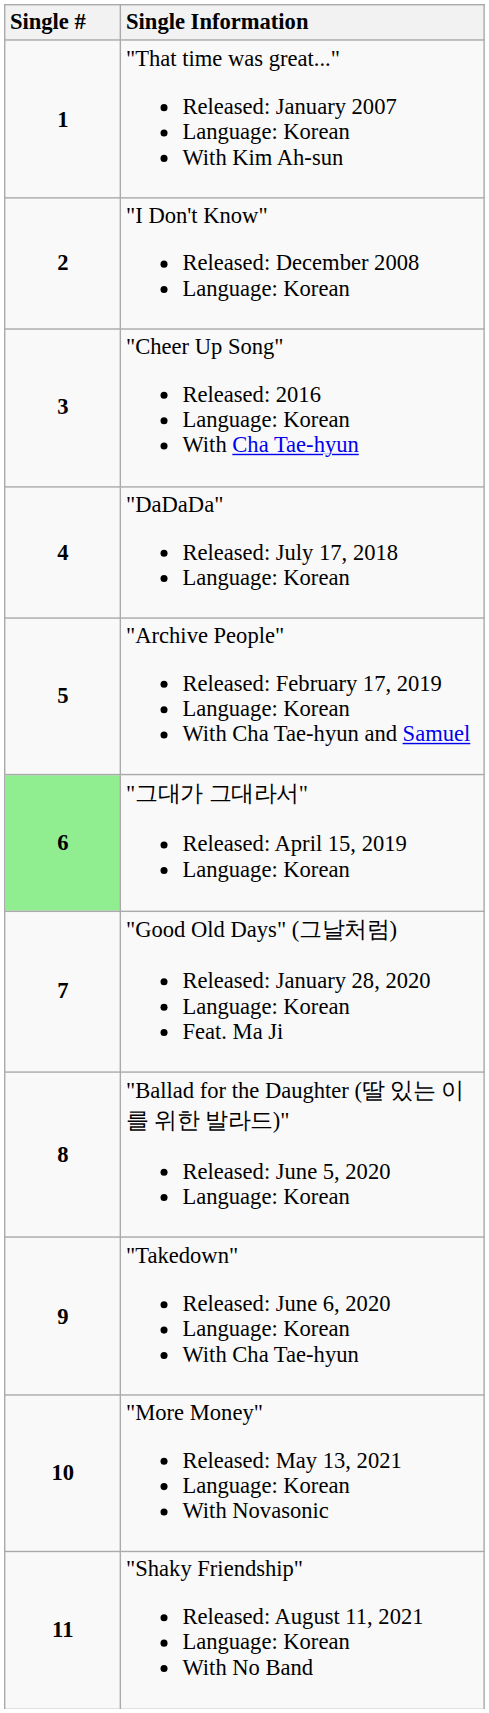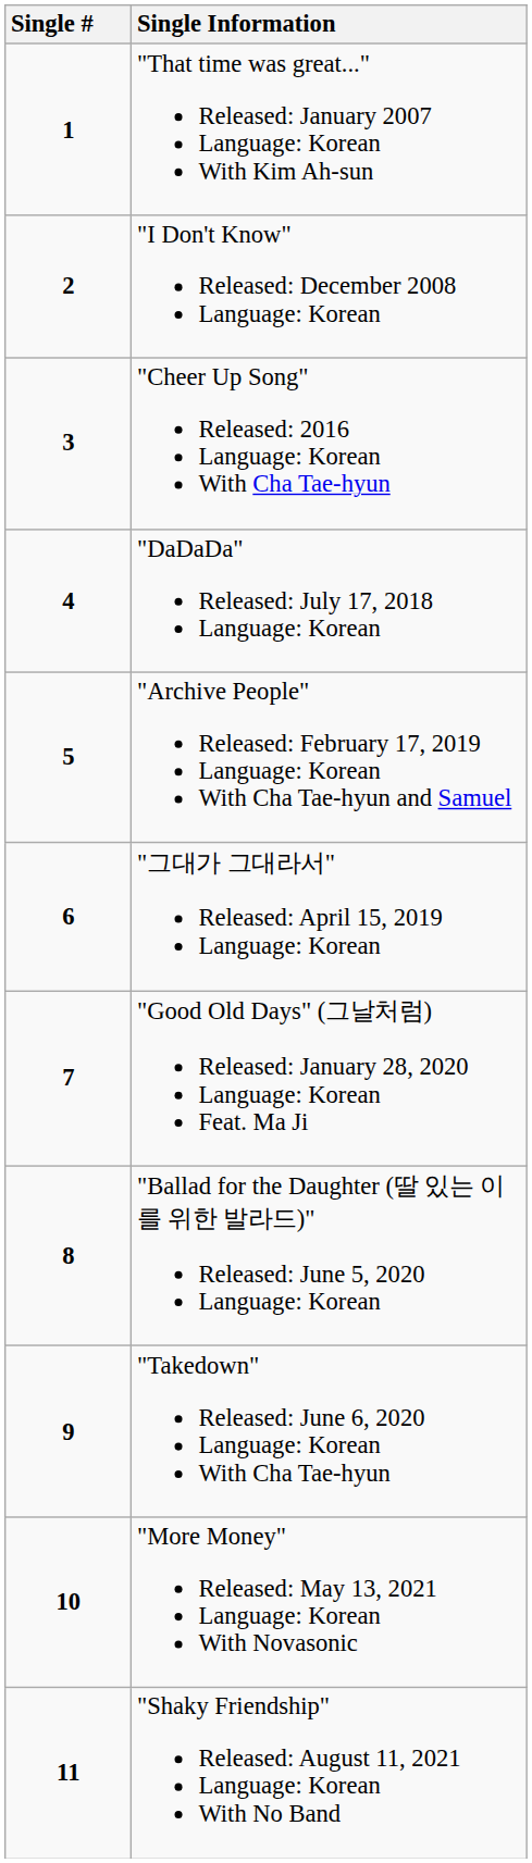 <table class="wikitable">
 <tr>
 <th style="text-align:left; width:75px;">Single #</th>
 <th style="text-align:left; width:250px;">Single Information</th>
 </tr>
 <tr>
 <td style="text-align:center;"><strong>1</strong></td>
 <td align="left">"That time was great..."<br><ul><li>Released: January 2007</li><li>Language: Korean</li><li>With Kim Ah-sun</li></ul></td>
 </tr>
 <tr>
 <td style="text-align:center;"><strong>2</strong></td>
 <td align="left">"I Don't Know"<br><ul><li>Released: December 2008</li><li>Language: Korean</li></ul></td>
 </tr>
 <tr>
 <td style="text-align:center;"><strong>3</strong></td>
 <td align="left">"Cheer Up Song"<br><ul><li>Released: 2016</li><li>Language: Korean</li><li>With <a href='#'>Cha Tae-hyun</a></li></ul></td>
 </tr>
 <tr>
 <td style="text-align:center;"><strong>4</strong></td>
 <td align="left">"DaDaDa"<br><ul><li>Released: July 17, 2018</li><li>Language: Korean</li></ul></td>
 </tr>
 <tr>
 <td style="text-align:center;"><strong>5</strong></td>
 <td align="left">"Archive People"<br><ul><li>Released: February 17, 2019</li><li>Language: Korean</li><li>With Cha Tae-hyun and <a href='#'>Samuel</a></li></ul></td>
 </tr>
 <tr>
-<td style="background: lightgreen; text-align:center;"><strong>6</strong></td>
+<td style="text-align:center;"><strong>6</strong></td>
 <td align="left">"그대가 그대라서"<br><ul><li>Released: April 15, 2019</li><li>Language: Korean</li></ul></td>
 </tr>
 <tr>
 <td style="text-align:center;"><strong>7</strong></td>
 <td align="left">"Good Old Days" (그날처럼)<br><ul><li>Released: January 28, 2020</li><li>Language: Korean</li><li>Feat. Ma Ji</li></ul></td>
 </tr>
 <tr>
 <td style="text-align:center;"><strong>8</strong></td>
 <td align="left">"Ballad for the Daughter (딸 있는 이를 위한 발라드)"<br><ul><li>Released: June 5, 2020</li><li>Language: Korean</li></ul></td>
 </tr>
 <tr>
 <td style="text-align:center;"><strong>9</strong></td>
 <td align="left">"Takedown"<br><ul><li>Released: June 6, 2020</li><li>Language: Korean</li><li>With Cha Tae-hyun</li></ul></td>
 </tr>
 <tr>
 <td style="text-align:center;"><strong>10</strong></td>
 <td align="left">"More Money"<br><ul><li>Released: May 13, 2021</li><li>Language: Korean</li><li>With Novasonic</li></ul></td>
 </tr>
 <tr>
 <td style="text-align:center;"><strong>11</strong></td>
 <td align="left">"Shaky Friendship"<br><ul><li>Released: August 11, 2021</li><li>Language: Korean</li><li>With No Band</li></ul></td>
 </tr>
 </table>
